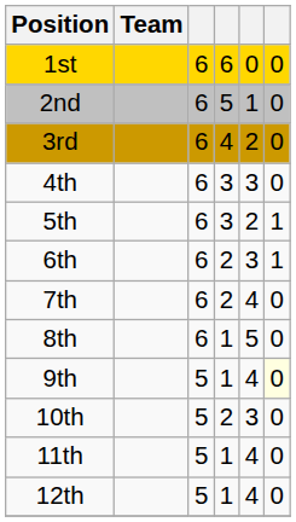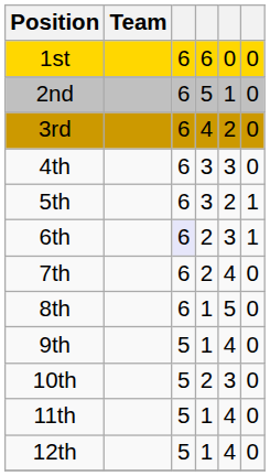 <table class="wikitable" style="text-align: center;">
 <tr>
 <th>Position</th>
 <th>Team</th>
 <th></th>
 <th></th>
 <th></th>
 <th></th>
 </tr>
 <tr bgcolor="gold">
 <td>1st</td>
 <td style="text-align:left;"></td>
 <td>6</td>
 <td>6</td>
 <td>0</td>
 <td>0</td>
 </tr>
 <tr bgcolor="silver">
 <td>2nd</td>
 <td style="text-align:left;"></td>
 <td>6</td>
 <td>5</td>
 <td>1</td>
 <td>0</td>
 </tr>
 <tr bgcolor="cc9900">
 <td>3rd</td>
 <td style="text-align:left;"></td>
 <td>6</td>
 <td>4</td>
 <td>2</td>
 <td>0</td>
 </tr>
 <tr>
 <td>4th</td>
 <td style="text-align:left;"></td>
 <td>6</td>
 <td>3</td>
 <td>3</td>
 <td>0</td>
 </tr>
 <tr>
 <td>5th</td>
 <td style="text-align:left;"></td>
 <td>6</td>
 <td>3</td>
 <td>2</td>
 <td>1</td>
 </tr>
 <tr>
 <td>6th</td>
 <td style="text-align:left;"></td>
-<td>6</td>
+<td style="background: lavender;">6</td>
 <td>2</td>
 <td>3</td>
 <td>1</td>
 </tr>
 <tr>
 <td>7th</td>
 <td style="text-align:left;"></td>
 <td>6</td>
 <td>2</td>
 <td>4</td>
 <td>0</td>
 </tr>
 <tr>
 <td>8th</td>
 <td style="text-align:left;"></td>
 <td>6</td>
 <td>1</td>
 <td>5</td>
 <td>0</td>
 </tr>
 <tr>
 <td>9th</td>
 <td style="text-align:left;"></td>
 <td>5</td>
 <td>1</td>
 <td>4</td>
-<td style="background: lightyellow;">0</td>
+<td>0</td>
 </tr>
 <tr>
 <td>10th</td>
 <td style="text-align:left;"></td>
 <td>5</td>
 <td>2</td>
 <td>3</td>
 <td>0</td>
 </tr>
 <tr>
 <td>11th</td>
 <td style="text-align:left;"></td>
 <td>5</td>
 <td>1</td>
 <td>4</td>
 <td>0</td>
 </tr>
 <tr>
 <td>12th</td>
 <td style="text-align:left;"></td>
 <td>5</td>
 <td>1</td>
 <td>4</td>
 <td>0</td>
 </tr>
 <tr>
 </tr>
 </table>
